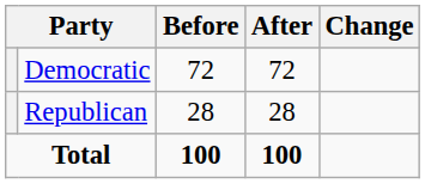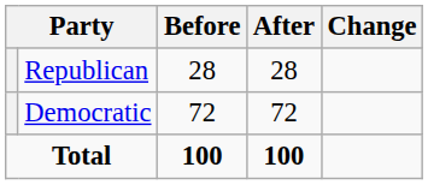 <table class="wikitable" style="text-align:center;">
 <tr>
 <th colspan="2">Party</th>
 <th>Before</th>
 <th>After</th>
 <th>Change</th>
 </tr>
 <tr>
 <th style="background-color:"></th>
-<td style="text-align:left;"><a href='#'>Democratic</a></td>
-<td>72</td>
-<td>72</td>
+<td style="text-align:left;"><a href='#'>Republican</a></td>
+<td>28</td>
+<td>28</td>
 <td></td>
 </tr>
 <tr>
 <th style="background-color:"></th>
-<td style="text-align:left;"><a href='#'>Republican</a></td>
-<td>28</td>
-<td>28</td>
+<td style="text-align:left;"><a href='#'>Democratic</a></td>
+<td>72</td>
+<td>72</td>
 <td></td>
 </tr>
 <tr>
 <td colspan="2"><strong>Total</strong></td>
 <td><strong>100</strong></td>
 <td><strong>100</strong></td>
 <td></td>
 </tr>
 </table>
